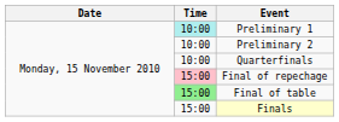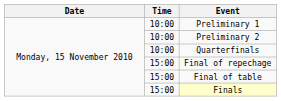 <table class = "wikitable" style="text-align:center;">
 <tr>
 <th width=220>Date</th>
 <th width=50>Time</th>
 <th width=150>Event</th>
 </tr>
 <tr>
 <td rowspan=6>Monday, 15 November 2010</td>
-<td style="background: paleturquoise;">10:00</td>
+<td>10:00</td>
 <td>Preliminary 1</td>
 </tr>
 <tr>
 <td>10:00</td>
 <td>Preliminary 2</td>
 </tr>
 <tr>
 <td>10:00</td>
 <td>Quarterfinals</td>
 </tr>
 <tr>
-<td style="background: pink;">15:00</td>
+<td>15:00</td>
 <td>Final of repechage</td>
 </tr>
 <tr>
-<td style="background: lightgreen;">15:00</td>
+<td>15:00</td>
 <td>Final of table</td>
 </tr>
 <tr>
 <td>15:00</td>
 <td bgcolor=ffffcc>Finals</td>
 </tr>
 </table>
